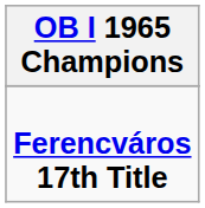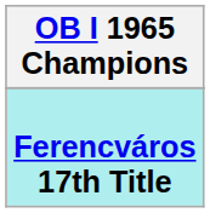 <table class="wikitable" style="text-align: center; margin: 0 auto;">
 <tr>
 <th><a href='#'>OB I</a> 1965<br>Champions</th>
 </tr>
 <tr>
 </tr>
 <tr>
-<td> <br><strong><a href='#'>Ferencváros</a></strong><br><strong>17th Title</strong></td>
+<td style="background: paleturquoise;"> <br><strong><a href='#'>Ferencváros</a></strong><br><strong>17th Title</strong></td>
 </tr>
 </table>
